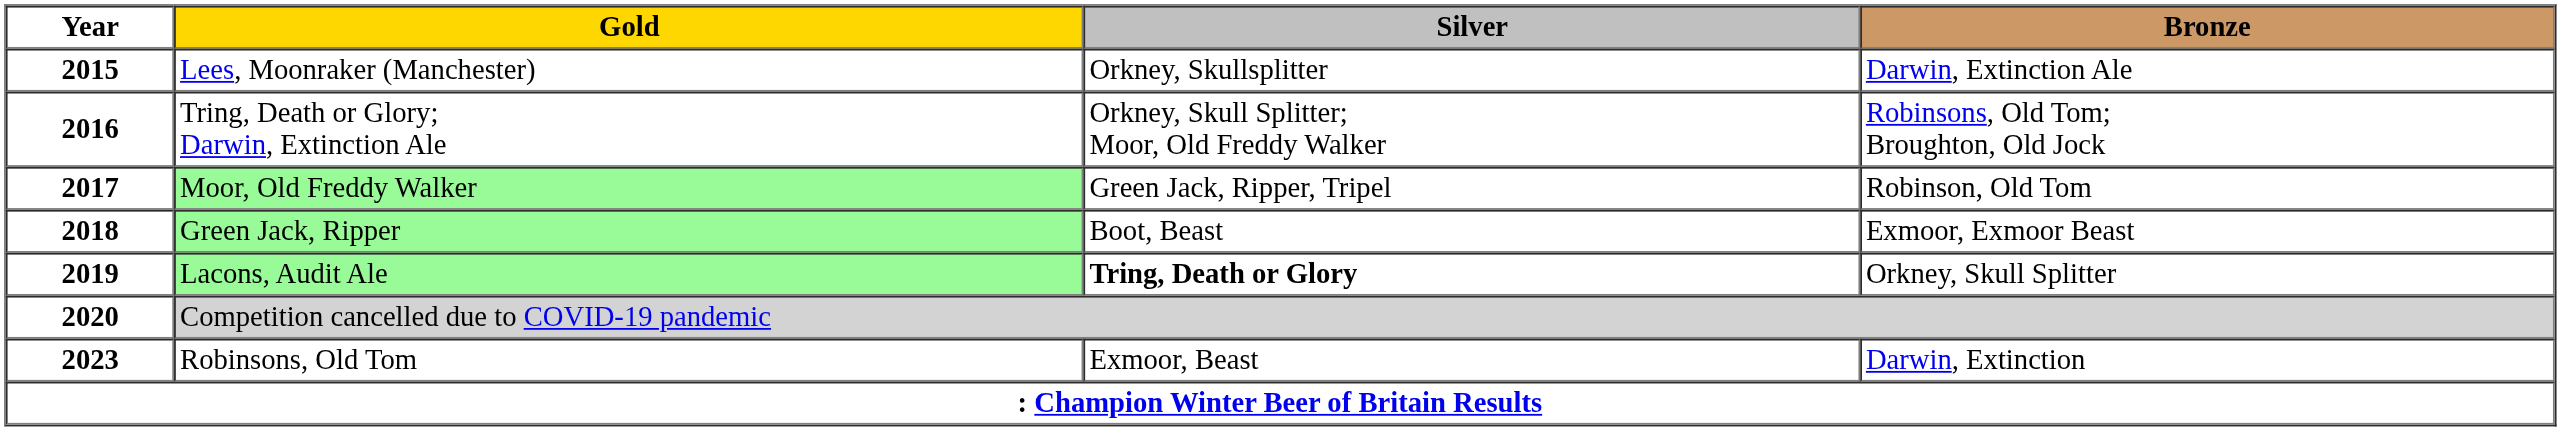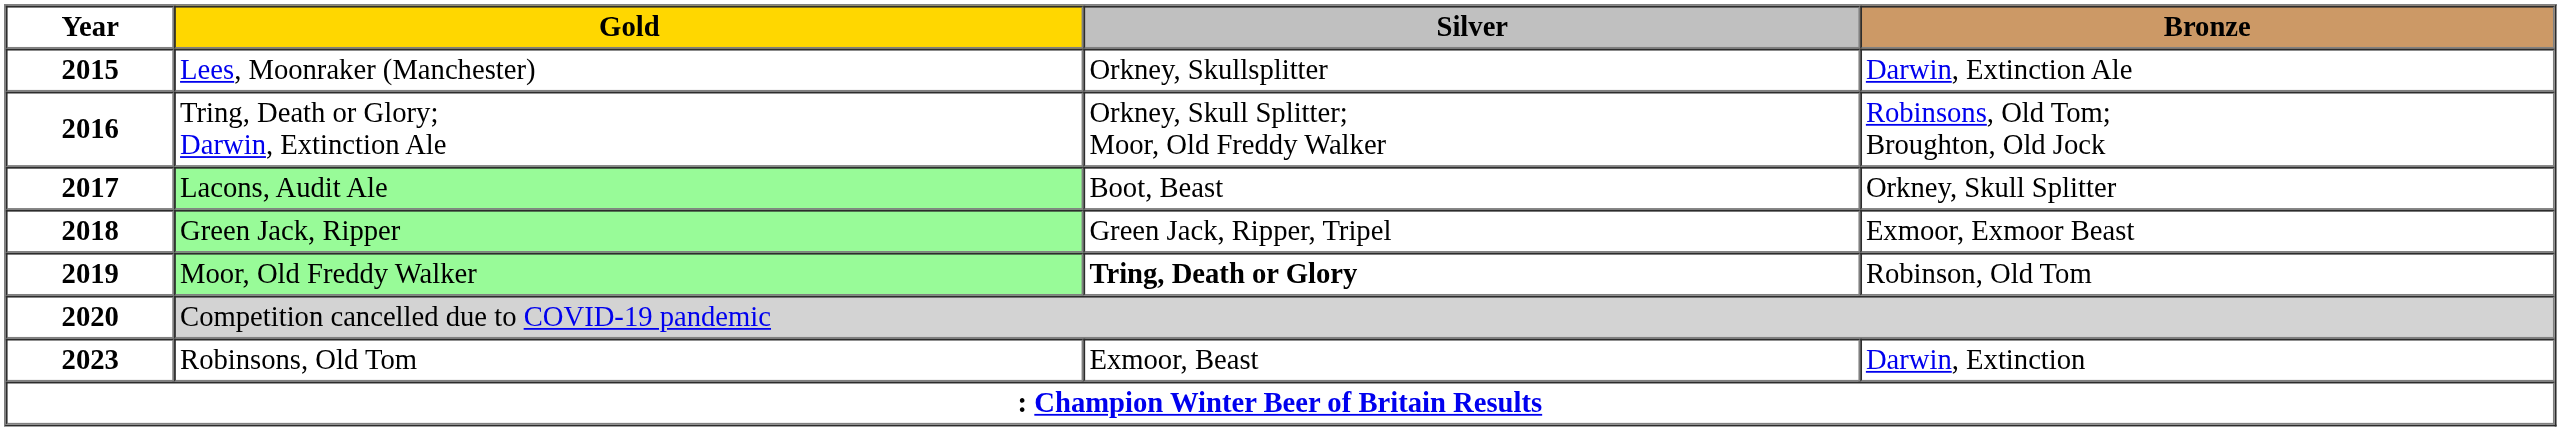 <table | width=90% border=1 cellpadding=2 cellspacing=0>
 <tr>
 <th>Year</th>
 <th style="background:gold;"><strong>Gold</strong></th>
 <th style="background:silver;"><strong>Silver</strong></th>
 <th style="background:#c96;"><strong>Bronze</strong></th>
 </tr>
 <tr>
 <th>2015</th>
 <td><a href='#'>Lees</a>, Moonraker (Manchester)</td>
 <td>Orkney, Skullsplitter</td>
 <td><a href='#'>Darwin</a>, Extinction Ale</td>
 </tr>
 <tr>
 <th>2016</th>
 <td>Tring, Death or Glory;<br> <a href='#'>Darwin</a>, Extinction Ale</td>
 <td>Orkney, Skull Splitter;<br> Moor, Old Freddy Walker</td>
 <td><a href='#'>Robinsons</a>, Old Tom;<br> Broughton, Old Jock</td>
 </tr>
 <tr>
 <th>2017</th>
-<td style="background:palegreen;">Moor, Old Freddy Walker</td>
-<td>Green Jack, Ripper, Tripel</td>
-<td>Robinson, Old Tom</td>
+<td style="background:palegreen;">Lacons, Audit Ale </td>
+<td>Boot, Beast</td>
+<td>Orkney, Skull Splitter</td>
 </tr>
 <tr>
 <th>2018</th>
 <td style="background:palegreen;">Green Jack, Ripper</td>
-<td>Boot, Beast</td>
+<td>Green Jack, Ripper, Tripel</td>
 <td>Exmoor, Exmoor Beast</td>
 </tr>
 <tr>
 <th>2019</th>
-<td style="background:palegreen;">Lacons, Audit Ale </td>
+<td style="background:palegreen;">Moor, Old Freddy Walker</td>
 <td><strong>Tring, Death or Glory</strong></td>
-<td>Orkney, Skull Splitter</td>
+<td>Robinson, Old Tom</td>
 </tr>
 <tr>
 <th>2020</th>
 <td style="background:lightgray;" colspan="3">Competition cancelled due to <a href='#'>COVID-19 pandemic</a></td>
 </tr>
 <tr>
 <th>2023</th>
 <td>Robinsons, Old Tom </td>
 <td>Exmoor, Beast</td>
 <td><a href='#'>Darwin</a>, Extinction</td>
 </tr>
 <tr>
 <th colspan="4">: <a href='#'>Champion Winter Beer of Britain Results</a></th>
 </tr>
 </table>
